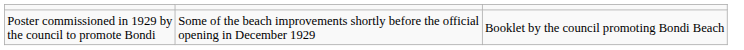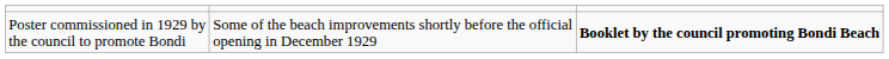 <table class="wikitable" border="1">
 <tr>
 <td></td>
 <td></td>
 <td></td>
 </tr>
 <tr>
 <td>Poster commissioned in 1929 by <br>the council to promote Bondi</td>
 <td>Some of the beach improvements shortly before the official<br> opening in December 1929</td>
-<td>Booklet by the council promoting Bondi Beach</td>
+<td><strong>Booklet by the council promoting Bondi Beach</strong></td>
 </tr>
 </table>
